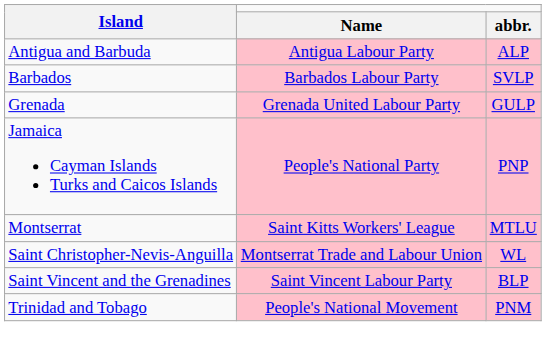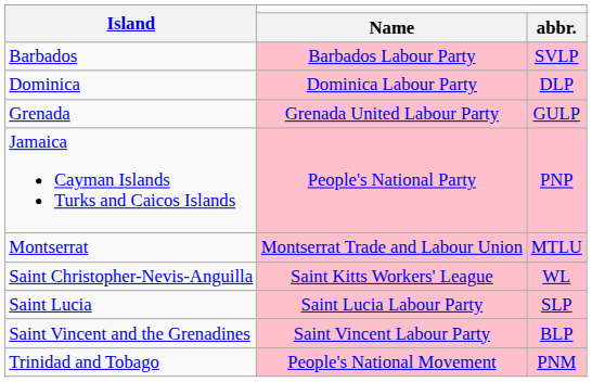 <table class="wikitable" style="text-align:center">
 <tr>
 <th rowspan="2"><a href='#'>Island</a></th>
 <td colspan="2"></td>
 </tr>
 <tr>
 <th>Name</th>
 <th>abbr.</th>
 </tr>
 <tr>
-<td align="left"> <a href='#'>Antigua and Barbuda</a></td>
-<td bgcolor="pink"><a href='#'>Antigua Labour Party</a></td>
-<td bgcolor="pink"><a href='#'>ALP</a></td>
-</tr>
-<tr>
 <td align="left"> <a href='#'>Barbados</a></td>
 <td bgcolor="pink"><a href='#'>Barbados Labour Party</a></td>
 <td bgcolor="pink"><a href='#'>SVLP</a></td>
+</tr>
+<tr>
+<td align="left"> <a href='#'>Dominica</a></td>
+<td bgcolor="pink"><a href='#'>Dominica Labour Party</a></td>
+<td bgcolor="pink"><a href='#'>DLP</a></td>
 </tr>
 <tr>
 <td align="left"> <a href='#'>Grenada</a></td>
 <td bgcolor="pink"><a href='#'>Grenada United Labour Party</a></td>
 <td bgcolor="pink"><a href='#'>GULP</a></td>
 </tr>
 <tr>
 <td align="left"> <a href='#'>Jamaica</a><br><ul><li> <a href='#'>Cayman Islands</a></li><li> <a href='#'>Turks and Caicos Islands</a></li></ul></td>
 <td bgcolor="pink"><a href='#'>People's National Party</a></td>
 <td bgcolor="pink"><a href='#'>PNP</a></td>
 </tr>
 <tr>
 <td align="left"> <a href='#'>Montserrat</a></td>
-<td bgcolor="pink"><a href='#'>Saint Kitts Workers' League</a></td>
+<td bgcolor="pink"><a href='#'>Montserrat Trade and Labour Union</a></td>
 <td bgcolor="pink"><a href='#'>MTLU</a></td>
 </tr>
 <tr>
 <td align="left"> <a href='#'>Saint Christopher-Nevis-Anguilla</a></td>
-<td bgcolor="pink"><a href='#'>Montserrat Trade and Labour Union</a></td>
+<td bgcolor="pink"><a href='#'>Saint Kitts Workers' League</a></td>
 <td bgcolor="pink"><a href='#'>WL</a></td>
+</tr>
+<tr>
+<td align="left"> <a href='#'>Saint Lucia</a></td>
+<td bgcolor="pink"><a href='#'>Saint Lucia Labour Party</a></td>
+<td bgcolor="pink"><a href='#'>SLP</a></td>
 </tr>
 <tr>
 <td align="left"> <a href='#'>Saint Vincent and the Grenadines</a></td>
 <td bgcolor="pink"><a href='#'>Saint Vincent Labour Party</a></td>
 <td bgcolor="pink"><a href='#'>BLP</a></td>
 </tr>
 <tr>
 <td align="left"> <a href='#'>Trinidad and Tobago</a></td>
 <td bgcolor="pink"><a href='#'>People's National Movement</a></td>
 <td bgcolor="pink"><a href='#'>PNM</a></td>
 </tr>
 </table>
